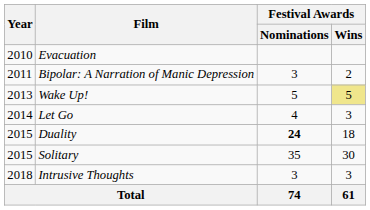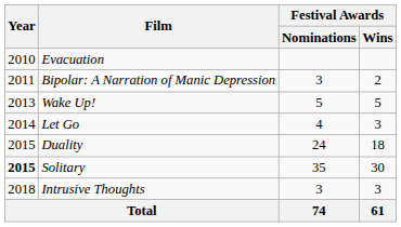 <table class="wikitable sortable">
 <tr>
 <th rowspan="2">Year</th>
 <th rowspan="2">Film</th>
 <th colspan="2" style="text-align:center;">Festival Awards</th>
 </tr>
 <tr>
 <th>Nominations</th>
 <th>Wins</th>
 </tr>
 <tr>
 <td>2010</td>
 <td><em>Evacuation</em></td>
 <td align=center></td>
 <td></td>
 </tr>
 <tr>
 <td>2011</td>
 <td><em>Bipolar: A Narration of Manic Depression</em></td>
 <td align=center>3</td>
 <td align=center>2</td>
 </tr>
 <tr>
 <td>2013</td>
 <td><em>Wake Up!</em></td>
 <td align=center>5</td>
-<td align=center style="background: khaki;">5</td>
+<td align=center>5</td>
 </tr>
 <tr>
 <td>2014</td>
 <td><em>Let Go</em></td>
 <td align=center>4</td>
 <td align=center>3</td>
 </tr>
 <tr>
 <td>2015</td>
 <td><em>Duality</em></td>
-<td align=center><strong>24</strong></td>
+<td align=center>24</td>
 <td align=center>18</td>
 </tr>
 <tr>
-<td>2015</td>
+<td><strong>2015</strong></td>
 <td><em>Solitary</em></td>
 <td align=center>35</td>
 <td align=center>30</td>
 </tr>
 <tr>
 <td>2018</td>
 <td><em>Intrusive Thoughts</em></td>
 <td align=center>3</td>
 <td align=center>3</td>
 </tr>
 <tr>
 <th colspan="2"><strong>Total</strong></th>
 <th align=center>74</th>
 <th align=center>61</th>
 </tr>
 </table>
